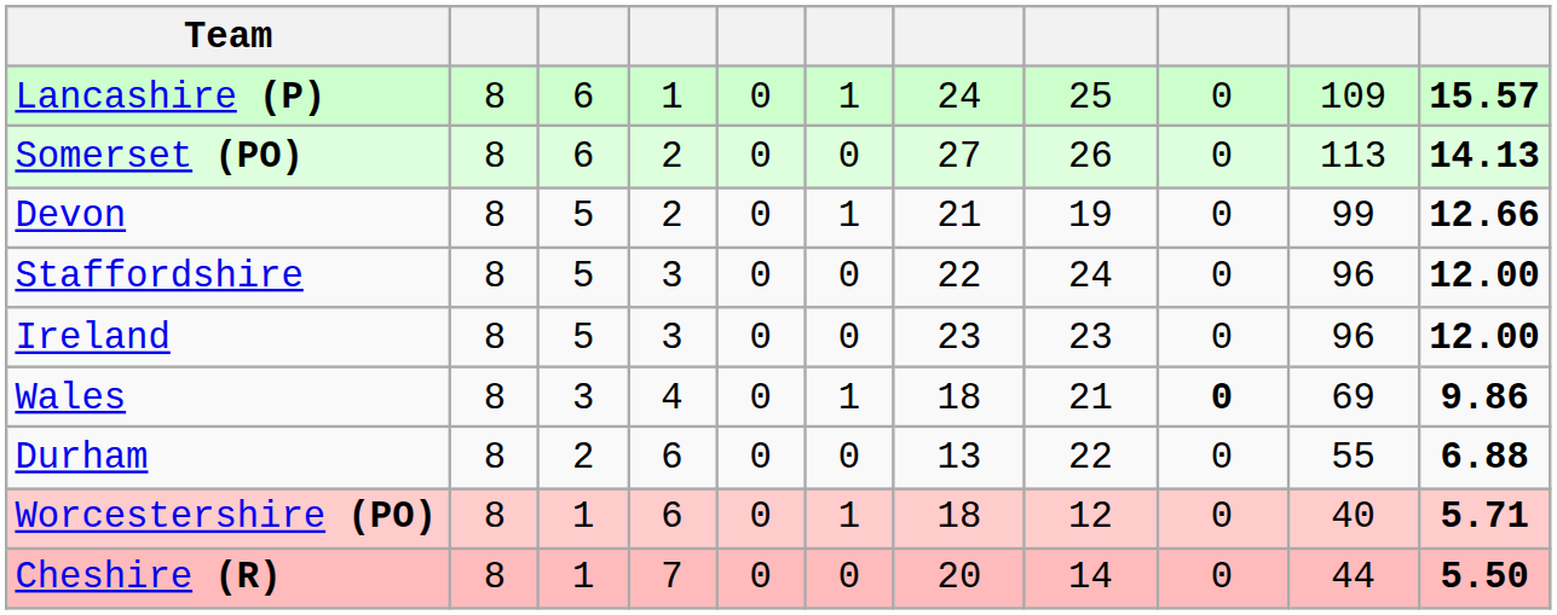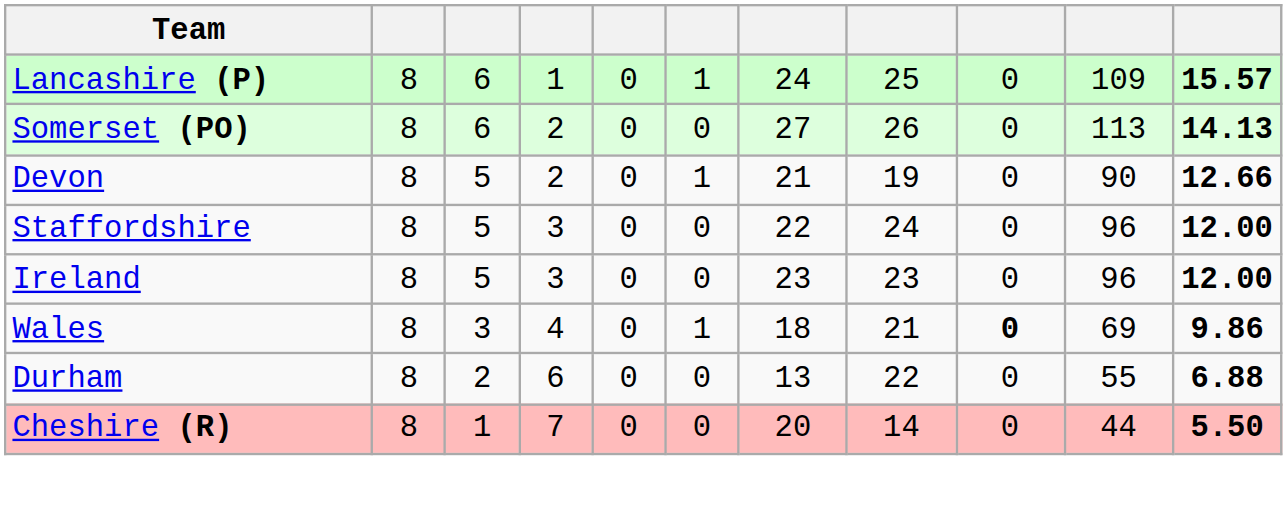 <table class="wikitable" style="text-align:center">
 <tr>
 <th width="150">Team</th>
 <th width="25"></th>
 <th width="25"></th>
 <th width="25"></th>
 <th width="25"></th>
 <th width="25"></th>
 <th width="40"></th>
 <th width="40"></th>
 <th width="40"></th>
 <th width="40"></th>
 <th width="40"></th>
 </tr>
 <tr style="background:#cfc;">
 <td style="text-align:left"><a href='#'>Lancashire</a> <strong>(P)</strong></td>
 <td>8</td>
 <td>6</td>
 <td>1</td>
 <td>0</td>
 <td>1</td>
 <td>24</td>
 <td>25</td>
 <td>0</td>
 <td>109</td>
 <td><strong>15.57</strong></td>
 </tr>
 <tr style="background:#dfd;">
 <td style="text-align:left"><a href='#'>Somerset</a> <strong>(PO)</strong></td>
 <td>8</td>
 <td>6</td>
 <td>2</td>
 <td>0</td>
 <td>0</td>
 <td>27</td>
 <td>26</td>
 <td>0</td>
 <td>113</td>
 <td><strong>14.13</strong></td>
 </tr>
 <tr>
 <td style="text-align:left"><a href='#'>Devon</a></td>
 <td>8</td>
 <td>5</td>
 <td>2</td>
 <td>0</td>
 <td>1</td>
 <td>21</td>
 <td>19</td>
 <td>0</td>
-<td>99</td>
+<td>90</td>
 <td><strong>12.66</strong></td>
 </tr>
 <tr>
 <td style="text-align:left"><a href='#'>Staffordshire</a></td>
 <td>8</td>
 <td>5</td>
 <td>3</td>
 <td>0</td>
 <td>0</td>
 <td>22</td>
 <td>24</td>
 <td>0</td>
 <td>96</td>
 <td><strong>12.00</strong></td>
 </tr>
 <tr>
 <td style="text-align:left"><a href='#'>Ireland</a></td>
 <td>8</td>
 <td>5</td>
 <td>3</td>
 <td>0</td>
 <td>0</td>
 <td>23</td>
 <td>23</td>
 <td>0</td>
 <td>96</td>
 <td><strong>12.00</strong></td>
 </tr>
 <tr>
 <td style="text-align:left"><a href='#'>Wales</a></td>
 <td>8</td>
 <td>3</td>
 <td>4</td>
 <td>0</td>
 <td>1</td>
 <td>18</td>
 <td>21</td>
 <td><strong>0</strong></td>
 <td>69</td>
 <td><strong>9.86</strong></td>
 </tr>
 <tr>
 <td style="text-align:left"><a href='#'>Durham</a></td>
 <td>8</td>
 <td>2</td>
 <td>6</td>
 <td>0</td>
 <td>0</td>
 <td>13</td>
 <td>22</td>
 <td>0</td>
 <td>55</td>
 <td><strong>6.88</strong></td>
 </tr>
-<tr style="background:#FFCCCC">
-<td style="text-align:left"><a href='#'>Worcestershire</a>  <strong>(PO)</strong></td>
-<td>8</td>
-<td>1</td>
-<td>6</td>
-<td>0</td>
-<td>1</td>
-<td>18</td>
-<td>12</td>
-<td>0</td>
-<td>40</td>
-<td><strong>5.71</strong></td>
-</tr>
 <tr style="background:#FFBBBB">
 <td style="text-align:left"><a href='#'>Cheshire</a> <strong>(R)</strong></td>
 <td>8</td>
 <td>1</td>
 <td>7</td>
 <td>0</td>
 <td>0</td>
 <td>20</td>
 <td>14</td>
 <td>0</td>
 <td>44</td>
 <td><strong>5.50</strong></td>
 </tr>
 </table>
